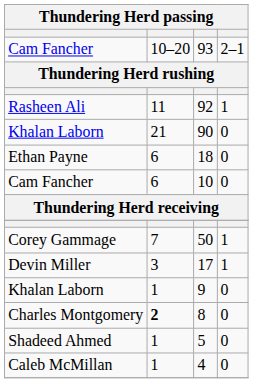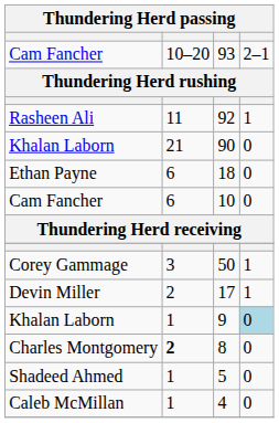 <table class="wikitable plainrowheaders">
 <tr>
 <th colspan="6">Thundering Herd passing</th>
 </tr>
 <tr>
 <th scope="col"></th>
 <th scope="col"></th>
 <th scope="col"></th>
 <th scope="col"></th>
 </tr>
 <tr>
 <td><a href='#'>Cam Fancher</a></td>
 <td>10–20</td>
 <td>93</td>
 <td>2–1</td>
 </tr>
 <tr>
 <th colspan="6">Thundering Herd rushing</th>
 </tr>
 <tr>
 <th scope="col"></th>
 <th scope="col"></th>
 <th scope="col"></th>
 <th scope="col"></th>
 </tr>
 <tr>
 <td><a href='#'>Rasheen Ali</a></td>
 <td>11</td>
 <td>92</td>
 <td>1</td>
 </tr>
 <tr>
 <td><a href='#'>Khalan Laborn</a></td>
 <td>21</td>
 <td>90</td>
 <td>0</td>
 </tr>
 <tr>
 <td>Ethan Payne</td>
 <td>6</td>
 <td>18</td>
 <td>0</td>
 </tr>
 <tr>
 <td>Cam Fancher</td>
 <td>6</td>
 <td>10</td>
 <td>0</td>
 </tr>
 <tr>
 <th colspan="6">Thundering Herd receiving</th>
 </tr>
 <tr>
 </tr>
 <tr>
 <th scope="col"></th>
 <th scope="col"></th>
 <th scope="col"></th>
 <th scope="col"></th>
 </tr>
 <tr>
 <td>Corey Gammage</td>
-<td>7</td>
+<td>3</td>
 <td>50</td>
 <td>1</td>
 </tr>
 <tr>
 <td>Devin Miller</td>
-<td>3</td>
+<td>2</td>
 <td>17</td>
 <td>1</td>
 </tr>
 <tr>
 <td>Khalan Laborn</td>
 <td>1</td>
 <td>9</td>
-<td>0</td>
+<td style="background: lightblue;">0</td>
 </tr>
 <tr>
 <td>Charles Montgomery</td>
 <td><strong>2</strong></td>
 <td>8</td>
 <td>0</td>
 </tr>
 <tr>
 <td>Shadeed Ahmed</td>
 <td>1</td>
 <td>5</td>
 <td>0</td>
 </tr>
 <tr>
 <td>Caleb McMillan</td>
 <td>1</td>
 <td>4</td>
 <td>0</td>
 </tr>
 <tr>
 </tr>
 </table>
